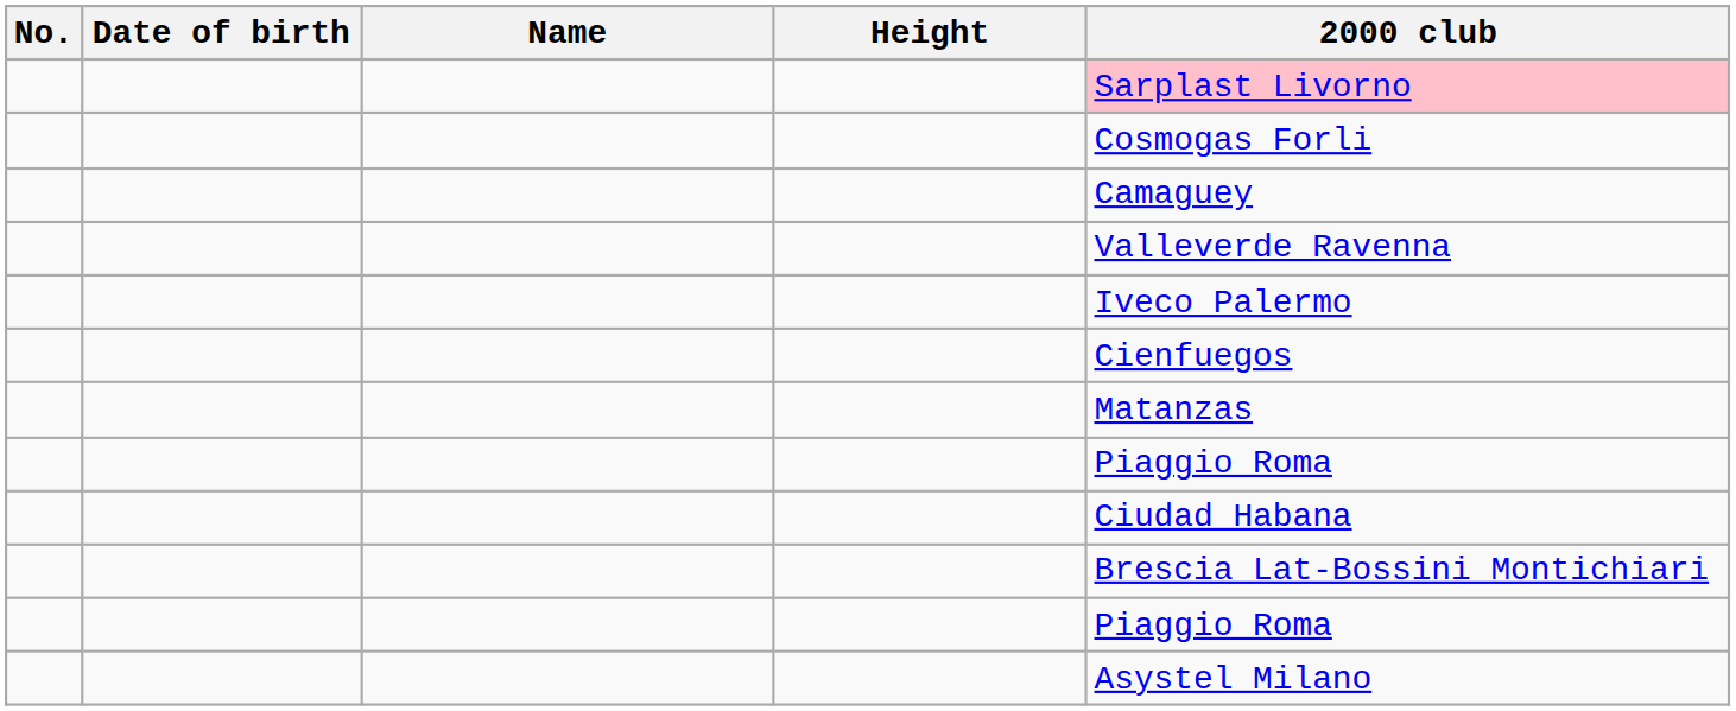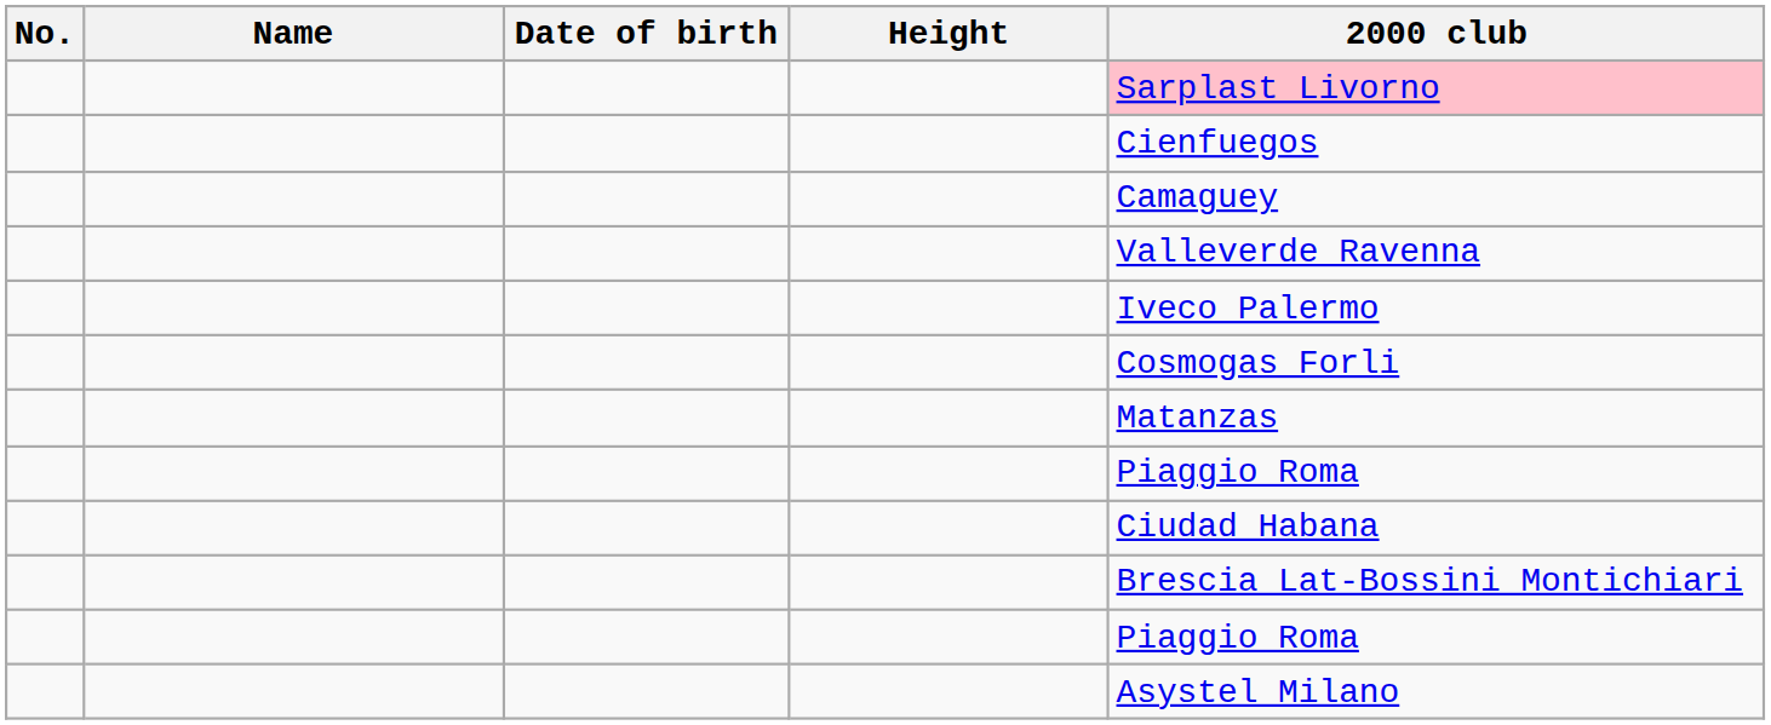 <table class="wikitable sortable" style="font-size:100%; text-align:center;">
 <tr>
 <th>No.</th>
+<th style="width:12em">Name</th>
 <th style="width:8em">Date of birth</th>
-<th style="width:12em">Name</th>
 <th style="width:9em">Height</th>
 <th style="width:19em">2000 club</th>
 </tr>
 <tr>
 <td></td>
+<td align=left></td>
 <td align=right></td>
-<td align=left></td>
 <td></td>
 <td align=left style="background: pink;"> <a href='#'>Sarplast Livorno</a></td>
 </tr>
 <tr>
 <td></td>
+<td align=left></td>
 <td align=right></td>
+<td></td>
+<td align=left> <a href='#'>Cienfuegos</a></td>
+</tr>
+<tr>
+<td></td>
 <td align=left></td>
+<td align=right></td>
+<td></td>
+<td align=left> <a href='#'>Camaguey</a></td>
+</tr>
+<tr>
+<td></td>
+<td align=left></td>
+<td align=right></td>
+<td></td>
+<td align=left> <a href='#'>Valleverde Ravenna</a></td>
+</tr>
+<tr>
+<td></td>
+<td align=left></td>
+<td align=right></td>
+<td></td>
+<td align=left> <a href='#'>Iveco Palermo</a></td>
+</tr>
+<tr>
+<td></td>
+<td align=left></td>
+<td align=right></td>
 <td></td>
 <td align=left> <a href='#'>Cosmogas Forli</a></td>
 </tr>
 <tr>
 <td></td>
+<td align=left></td>
 <td align=right></td>
-<td align=left></td>
-<td></td>
-<td align=left> <a href='#'>Camaguey</a></td>
-</tr>
-<tr>
-<td></td>
-<td align=right></td>
-<td align=left></td>
-<td></td>
-<td align=left> <a href='#'>Valleverde Ravenna</a></td>
-</tr>
-<tr>
-<td></td>
-<td align=right></td>
-<td align=left></td>
-<td></td>
-<td align=left> <a href='#'>Iveco Palermo</a></td>
-</tr>
-<tr>
-<td></td>
-<td align=right></td>
-<td align=left></td>
-<td></td>
-<td align=left> <a href='#'>Cienfuegos</a></td>
-</tr>
-<tr>
-<td></td>
-<td align=right></td>
-<td align=left></td>
 <td></td>
 <td align=left> <a href='#'>Matanzas</a></td>
 </tr>
 <tr>
 <td></td>
+<td align=left></td>
 <td align=right></td>
-<td align=left></td>
 <td></td>
 <td align=left> <a href='#'>Piaggio Roma</a></td>
 </tr>
 <tr>
 <td></td>
+<td align=left></td>
 <td align=right></td>
-<td align=left></td>
 <td></td>
 <td align=left> <a href='#'>Ciudad Habana</a></td>
 </tr>
 <tr>
 <td></td>
+<td align=left></td>
 <td align=right></td>
-<td align=left></td>
 <td></td>
 <td align=left> <a href='#'>Brescia Lat-Bossini Montichiari</a></td>
 </tr>
 <tr>
 <td></td>
+<td align=left></td>
 <td align=right></td>
-<td align=left></td>
 <td></td>
 <td align=left> <a href='#'>Piaggio Roma</a></td>
 </tr>
 <tr>
 <td></td>
+<td align=left></td>
 <td align=right></td>
-<td align=left></td>
 <td></td>
 <td align=left> <a href='#'>Asystel Milano</a></td>
 </tr>
 </table>
